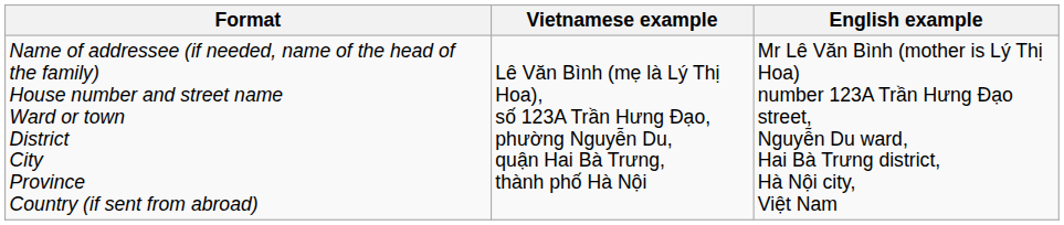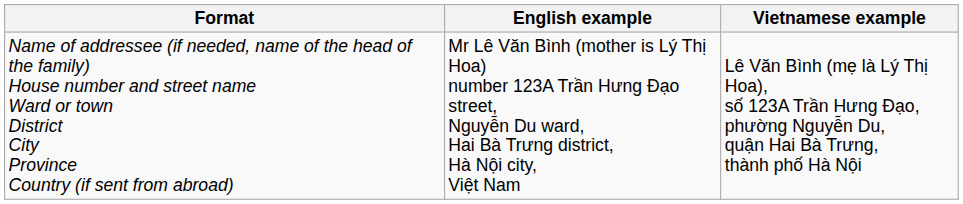 <table class="wikitable">
 <tr>
 <th>Format</th>
+<th>English example</th>
 <th>Vietnamese example</th>
-<th>English example</th>
 </tr>
 <tr>
 <td><em>Name of addressee (if needed, name of the head of the family)</em><br><em>House number and street name</em><br><em>Ward or town</em><br><em>District</em><br><em>City</em><br><em>Province</em><br><em>Country (if sent from abroad)</em><br></td>
+<td>Mr Lê Văn Bình (mother is Lý Thị Hoa)<br>number 123A Trần Hưng Đạo street,<br>Nguyễn Du ward,<br>Hai Bà Trưng district,<br>Hà Nội city,<br>Việt Nam<br></td>
 <td>Lê Văn Bình (mẹ là Lý Thị Hoa), <br>số 123A Trần Hưng Đạo,<br>phường Nguyễn Du,<br> quận Hai Bà Trưng,<br> thành phố Hà Nội<br></td>
-<td>Mr Lê Văn Bình (mother is Lý Thị Hoa)<br>number 123A Trần Hưng Đạo street,<br>Nguyễn Du ward,<br>Hai Bà Trưng district,<br>Hà Nội city,<br>Việt Nam<br></td>
 </tr>
 </table>
